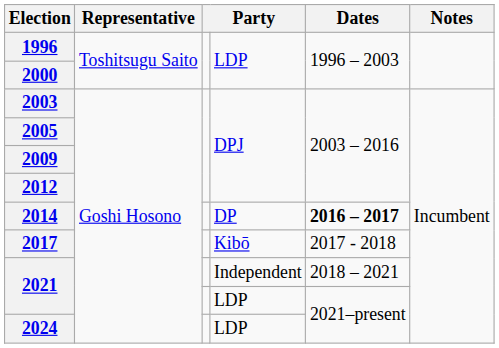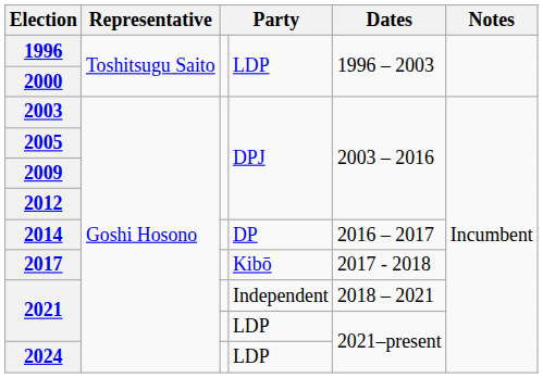 <table class=wikitable>
 <tr valign=bottom>
 <th>Election</th>
 <th>Representative</th>
 <th colspan="2">Party</th>
 <th>Dates</th>
 <th>Notes</th>
 </tr>
 <tr>
 <th><a href='#'>1996</a></th>
 <td rowspan="2"><a href='#'>Toshitsugu Saito</a></td>
 <td rowspan="2" bgcolor=></td>
 <td rowspan="2"><a href='#'>LDP</a></td>
 <td rowspan="2">1996 – 2003</td>
 <td rowspan="2"></td>
 </tr>
 <tr>
 <th><a href='#'>2000</a></th>
 </tr>
 <tr>
 <th><a href='#'>2003</a></th>
 <td rowspan="12"><a href='#'>Goshi Hosono</a></td>
 <td rowspan="5" bgcolor=></td>
 <td rowspan="5"><a href='#'>DPJ</a></td>
 <td rowspan="5">2003 – 2016</td>
 <td rowspan="12">Incumbent</td>
 </tr>
 <tr>
 <th><a href='#'>2005</a></th>
 </tr>
 <tr>
 <th><a href='#'>2009</a></th>
 </tr>
 <tr>
 <th><a href='#'>2012</a></th>
 </tr>
 <tr>
 <th rowspan="3"><a href='#'>2014</a></th>
 </tr>
 <tr>
 <td bgcolor=></td>
 <td><a href='#'>DP</a></td>
-<td><strong>2016 – 2017</strong></td>
+<td>2016 – 2017</td>
 </tr>
 <tr>
 <td rowspan="2" bgcolor=></td>
 <td rowspan="2"><a href='#'>Kibō</a></td>
 <td rowspan="2">2017 - 2018</td>
 </tr>
 <tr>
 <th rowspan="2"><a href='#'>2017</a></th>
 </tr>
 <tr>
 <td rowspan="2" bgcolor=></td>
 <td rowspan="2">Independent</td>
 <td rowspan="2">2018 – 2021</td>
 </tr>
 <tr>
 <th rowspan="2"><a href='#'>2021</a></th>
 </tr>
 <tr>
 <td bgcolor=></td>
 <td>LDP</td>
 <td rowspan="2">2021–present</td>
 </tr>
 <tr>
 <th><a href='#'>2024</a></th>
 <td bgcolor=></td>
 <td>LDP</td>
 </tr>
 </table>
